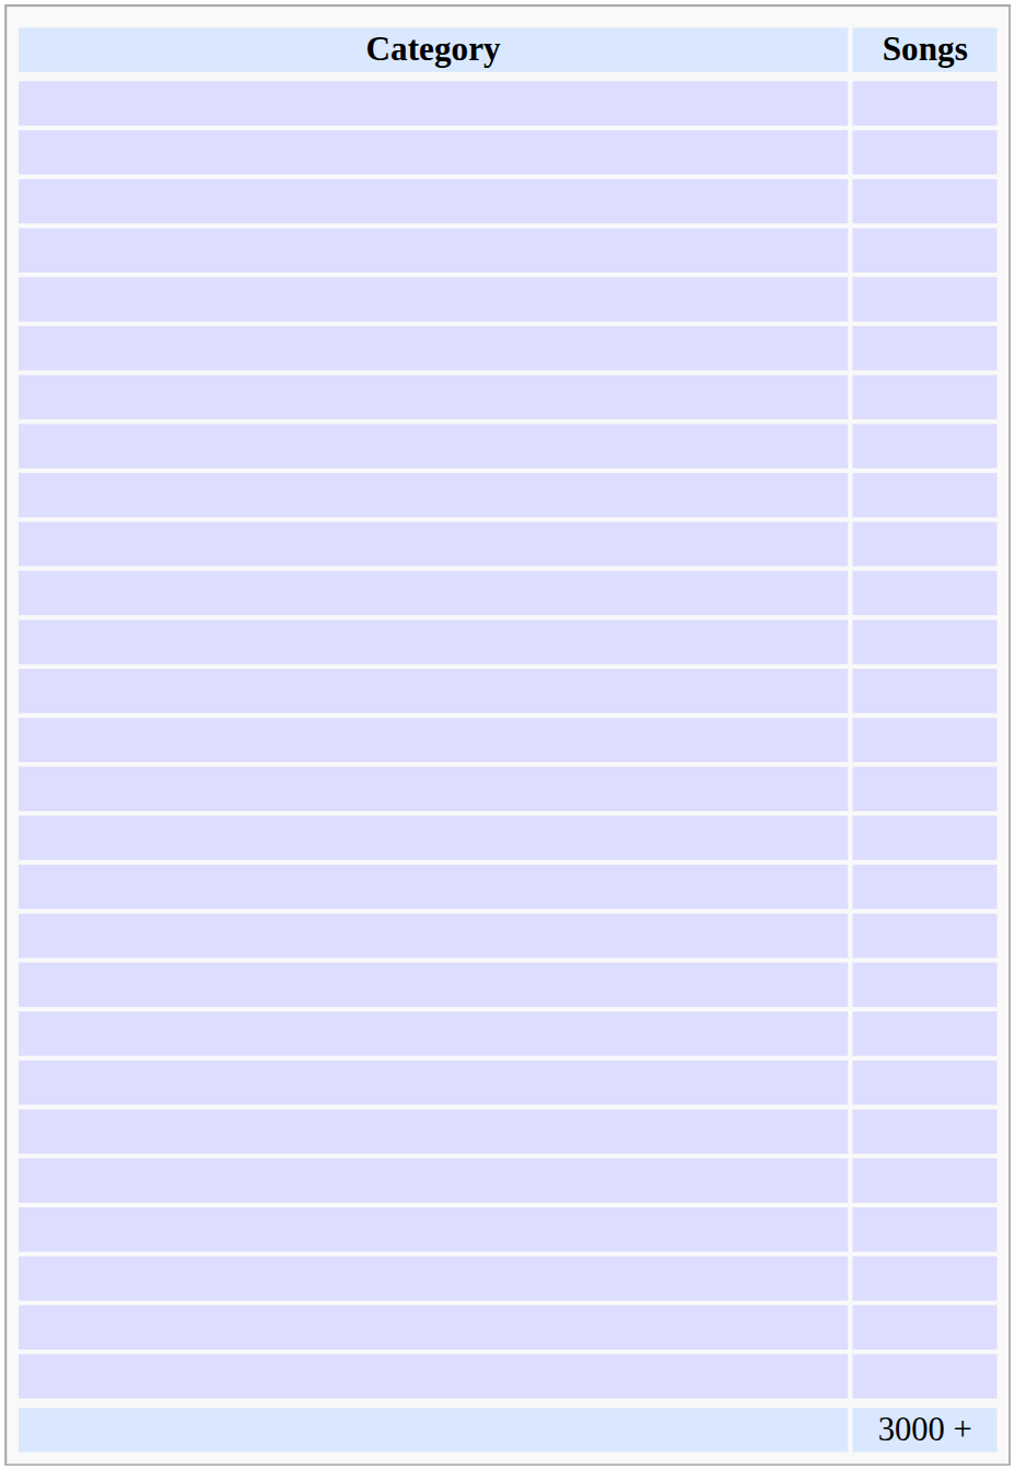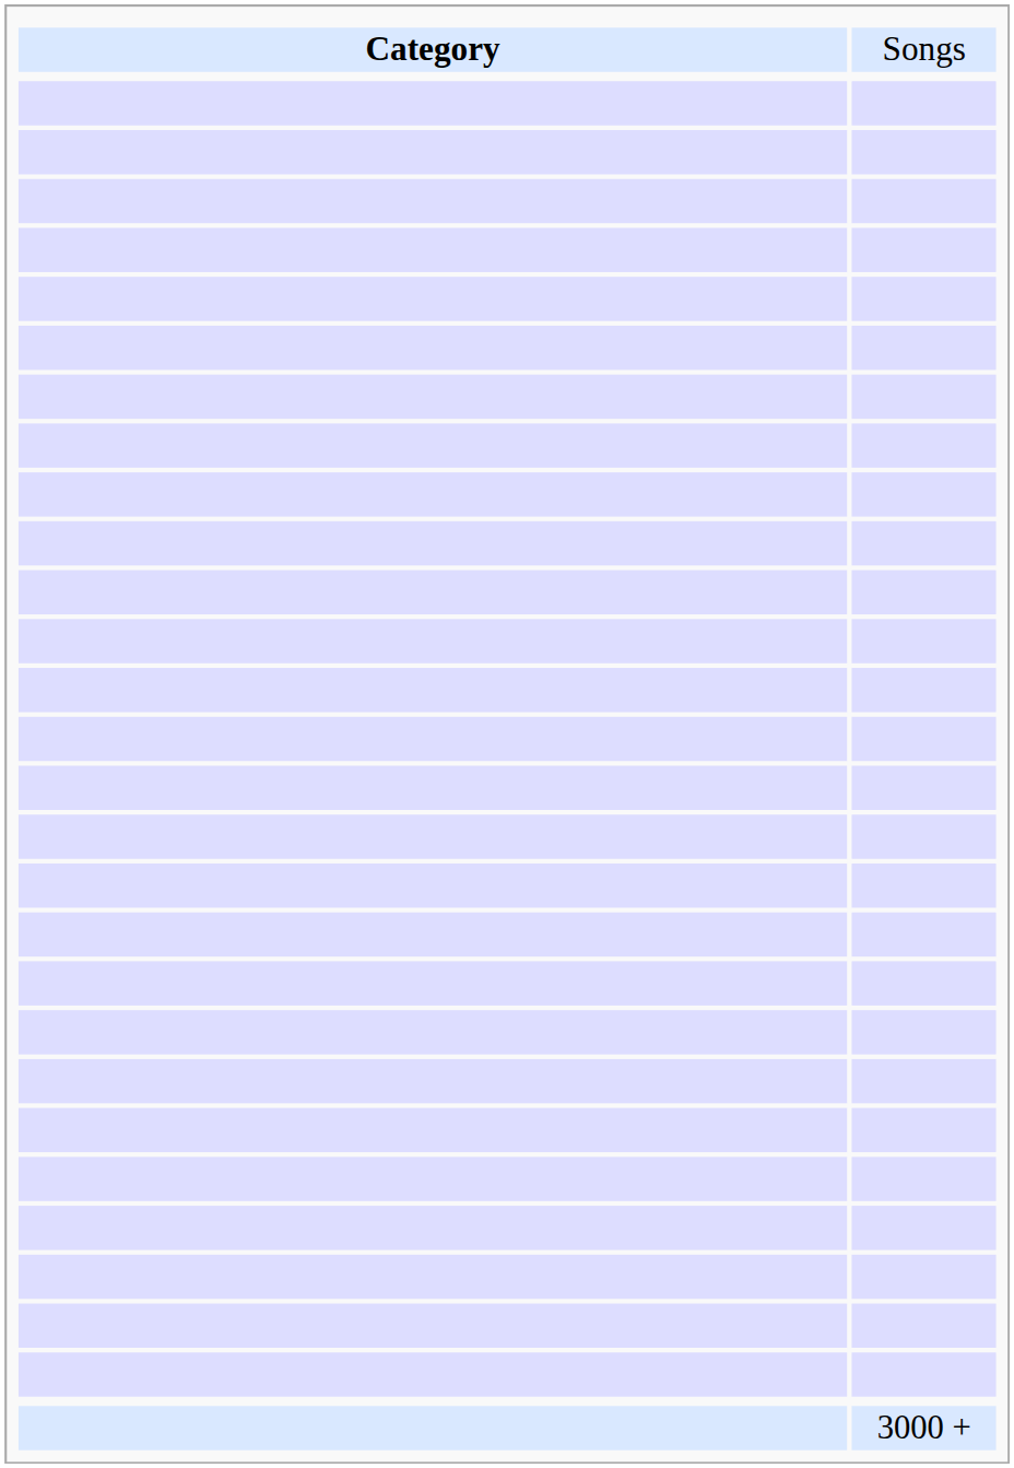 <table class="infobox" style="width: 30em; text-align: left; font-size: 90%; vertical-align: middle">
 <tr>
 <td colspan="2" style="text-align:center;"></td>
 </tr>
 <tr style="background:#d9e8ff;">
 <th style="text-align:center; font-size:11pt;">Category</th>
-<td style="background;text-align:center; font-size:11pt; width:60px;"><strong>Songs</strong></td>
+<td style="background;text-align:center; font-size:11pt; width:60px;">Songs</td>
 </tr>
 <tr style="background:#ddf;text-align:center;">
 </tr>
 <tr style="background:#ddf;text-align:center;">
 <td style="text-align:center;"><br></td>
 <td></td>
 </tr>
 <tr style="background:#ddf;text-align:center;">
 <td style="text-align:center;"><br></td>
 <td></td>
 </tr>
 <tr style="background:#ddf;text-align:center;">
 <td style="text-align:center;"><br></td>
 <td></td>
 </tr>
 <tr style="background:#ddf;">
 <td style="text-align:center;"><br></td>
 <td></td>
 </tr>
 <tr style="background:#ddf;text-align:center;">
 <td style="text-align:center;"><br></td>
 <td></td>
 </tr>
 <tr style="background:#ddf;text-align:center;">
 <td style="text-align:center;"><br></td>
 <td></td>
 </tr>
 <tr style="background:#ddf;text-align:center;">
 <td style="text-align:center;"><br></td>
 <td></td>
 </tr>
 <tr style="background:#ddf;text-align:center;">
 <td style="text-align:center;"><br></td>
 <td></td>
 </tr>
 <tr style="background:#ddf;text-align:center;">
 <td style="text-align:center;"><br></td>
 <td></td>
 </tr>
 <tr style="background:#ddf;text-align:center;">
 <td style="text-align:center;"><br></td>
 <td></td>
 </tr>
 <tr style="background:#ddf;text-align:center;">
 <td style="text-align:center;"><br></td>
 <td></td>
 </tr>
 <tr style="background:#ddf;text-align:center;">
 <td style="text-align:center;"><br></td>
 <td></td>
 </tr>
 <tr style="background:#ddf;text-align:center;">
 <td style="text-align:center;"><br></td>
 <td></td>
 </tr>
 <tr style="background:#ddf;text-align:center;">
 <td style="text-align:center;"><br></td>
 <td></td>
 </tr>
 <tr style="background:#ddf;text-align:center;">
 <td style="text-align:center;"><br></td>
 <td></td>
 </tr>
 <tr style="background:#ddf;text-align:center;">
 <td style="text-align:center;"><br></td>
 <td></td>
 </tr>
 <tr style="background:#ddf;text-align:center;">
 <td style="text-align:center;"><br></td>
 <td></td>
 </tr>
 <tr style="background:#ddf;text-align:center;">
 <td style="text-align:center;"><br></td>
 <td></td>
 </tr>
 <tr style="background:#ddf;text-align:center;">
 <td style="text-align:center;"><br></td>
 <td></td>
 </tr>
 <tr style="background:#ddf;text-align:center;">
 <td style="text-align:center;"><br></td>
 <td></td>
 </tr>
 <tr style="background:#ddf;text-align:center;">
 <td style="text-align:center;"><br></td>
 <td></td>
 </tr>
 <tr style="background:#ddf;text-align:center;">
 <td style="text-align:center;"><br></td>
 <td></td>
 </tr>
 <tr style="background:#ddf;text-align:center;">
 <td style="text-align:center;"><br></td>
 <td></td>
 </tr>
 <tr style="background:#ddf;text-align:center;">
 <td style="text-align:center;"><br></td>
 <td></td>
 </tr>
 <tr style="background:#ddf;text-align:center;">
 <td style="text-align:center;"><br></td>
 <td></td>
 </tr>
 <tr style="background:#ddf;text-align:center;">
 <td style="text-align:center;"><br></td>
 <td></td>
 </tr>
 <tr style="background:#ddf;text-align:center;">
 <td style="text-align:center;"><br></td>
 <td></td>
 </tr>
 <tr>
 </tr>
 <tr style="background:#d9e8ff;text-align:center;">
 <td style="text-align:center; font-size:11pt; "><br></td>
 <td>3000 +</td>
 </tr>
 </table>
